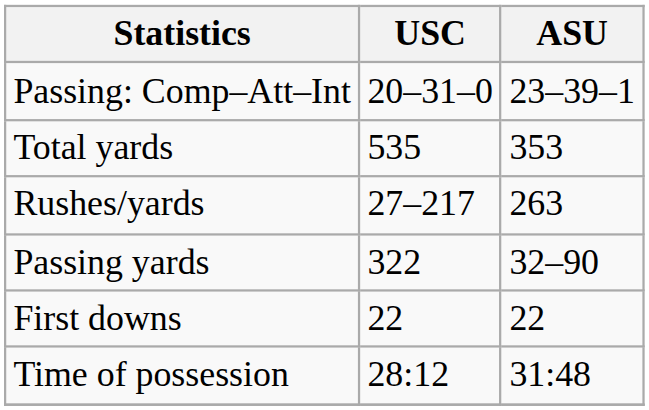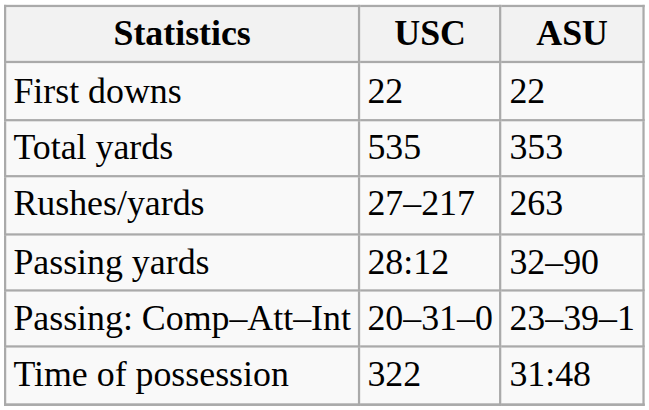 <table class="wikitable" style="float: left;">
 <tr>
 <th>Statistics</th>
 <th>USC</th>
 <th>ASU</th>
 </tr>
 <tr>
-<td>Passing: Comp–Att–Int</td>
-<td>20–31–0</td>
-<td>23–39–1</td>
+<td>First downs</td>
+<td>22</td>
+<td>22</td>
 </tr>
 <tr>
 <td>Total yards</td>
 <td>535</td>
 <td>353</td>
 </tr>
 <tr>
 <td>Rushes/yards</td>
 <td>27–217</td>
 <td>263</td>
 </tr>
 <tr>
 <td>Passing yards</td>
-<td>322</td>
+<td>28:12</td>
 <td>32–90</td>
 </tr>
 <tr>
-<td>First downs</td>
-<td>22</td>
-<td>22</td>
+<td>Passing: Comp–Att–Int</td>
+<td>20–31–0</td>
+<td>23–39–1</td>
 </tr>
 <tr>
 <td>Time of possession</td>
-<td>28:12</td>
+<td>322</td>
 <td>31:48</td>
 </tr>
 <tr>
 </tr>
 </table>
